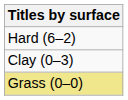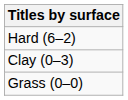 <table class=wikitable>
 <tr>
 <th>Titles by surface</th>
 </tr>
 <tr>
 <td>Hard (6–2)</td>
 </tr>
 <tr>
 <td>Clay (0–3)</td>
 </tr>
 <tr>
-<td style="background: khaki;">Grass (0–0)</td>
+<td>Grass (0–0)</td>
 </tr>
 </table>
